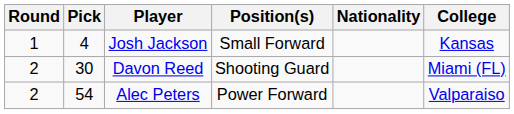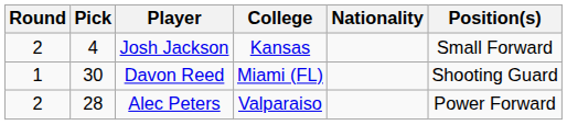 <table class="wikitable sortable sortable">
 <tr>
 <th>Round</th>
 <th>Pick</th>
 <th>Player</th>
+<th>College</th>
+<th>Nationality</th>
 <th>Position(s)</th>
-<th>Nationality</th>
-<th>College</th>
+</tr>
+<tr style="text-align: center">
+<td>2</td>
+<td>4</td>
+<td><a href='#'>Josh Jackson</a></td>
+<td><a href='#'>Kansas</a></td>
+<td></td>
+<td>Small Forward</td>
 </tr>
 <tr style="text-align: center">
 <td>1</td>
-<td>4</td>
-<td><a href='#'>Josh Jackson</a></td>
-<td>Small Forward</td>
+<td>30</td>
+<td><a href='#'>Davon Reed</a></td>
+<td><a href='#'>Miami (FL)</a></td>
 <td></td>
-<td><a href='#'>Kansas</a></td>
+<td>Shooting Guard</td>
 </tr>
 <tr style="text-align: center">
 <td>2</td>
-<td>30</td>
-<td><a href='#'>Davon Reed</a></td>
-<td>Shooting Guard</td>
+<td>28</td>
+<td><a href='#'>Alec Peters</a></td>
+<td><a href='#'>Valparaiso</a></td>
 <td></td>
-<td><a href='#'>Miami (FL)</a></td>
-</tr>
-<tr style="text-align: center">
-<td>2</td>
-<td>54</td>
-<td><a href='#'>Alec Peters</a></td>
 <td>Power Forward</td>
-<td></td>
-<td><a href='#'>Valparaiso</a></td>
 </tr>
 </table>
